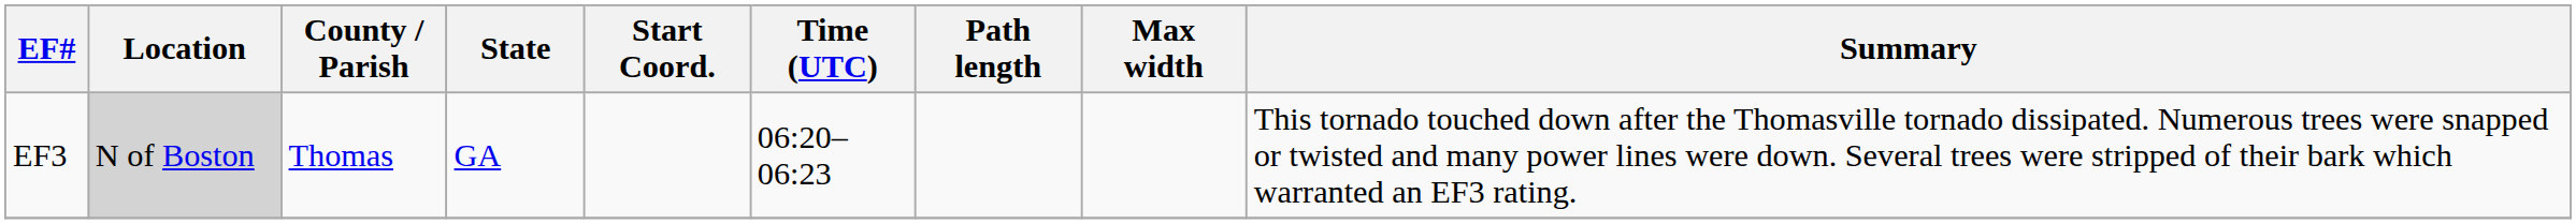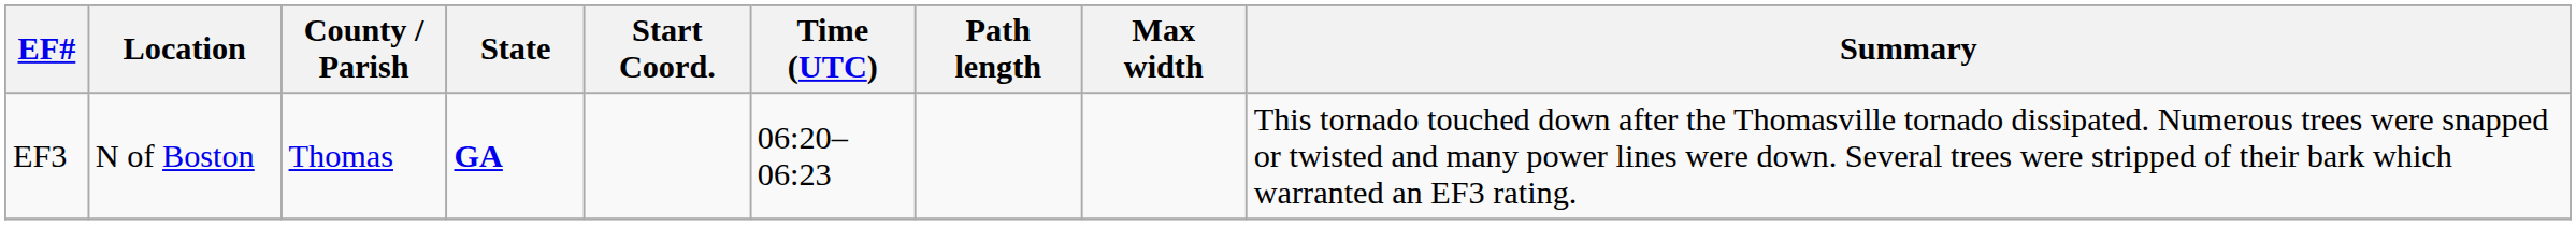 <table class="wikitable sortable" style="width:100%;">
 <tr>
 <th scope="col" width="3%" align="center"><a href='#'>EF#</a></th>
 <th scope="col" width="7%" align="center" class="unsortable">Location</th>
 <th scope="col" width="6%" align="center" class="unsortable">County / Parish</th>
 <th scope="col" width="5%" align="center">State</th>
 <th scope="col" width="6%" align="center">Start Coord.</th>
 <th scope="col" width="6%" align="center">Time (<a href='#'>UTC</a>)</th>
 <th scope="col" width="6%" align="center">Path length</th>
 <th scope="col" width="6%" align="center">Max width</th>
 <th scope="col" width="48%" class="unsortable" align="center">Summary</th>
 </tr>
 <tr>
 <td>EF3</td>
-<td style="background: lightgrey;">N of <a href='#'>Boston</a></td>
+<td>N of <a href='#'>Boston</a></td>
 <td><a href='#'>Thomas</a></td>
-<td><a href='#'>GA</a></td>
+<td><strong><a href='#'>GA</a></strong></td>
 <td></td>
 <td>06:20–06:23</td>
 <td></td>
 <td></td>
 <td>This tornado touched down after the Thomasville tornado dissipated. Numerous trees were snapped or twisted and many power lines were down. Several trees were stripped of their bark which warranted an EF3 rating.</td>
 </tr>
 <tr>
 </tr>
 </table>
